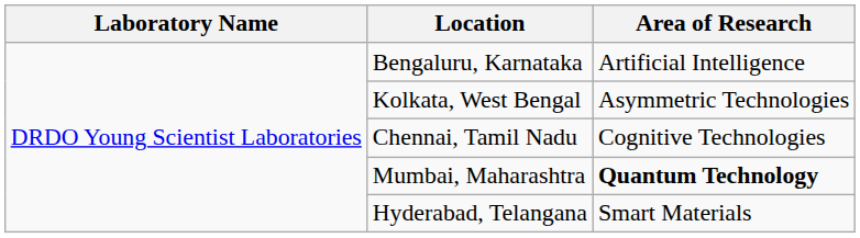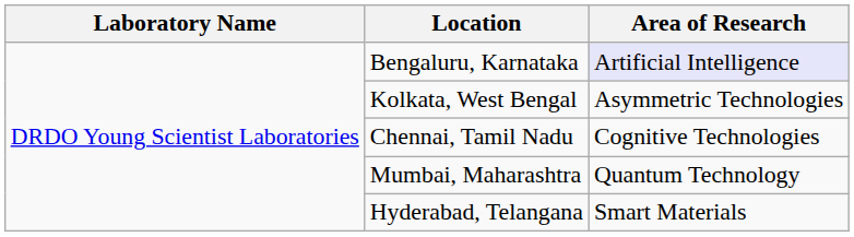 <table class="wikitable sortable">
 <tr>
 <th>Laboratory Name</th>
 <th>Location</th>
 <th>Area of Research</th>
 </tr>
 <tr>
 <td rowspan="5"><a href='#'>DRDO Young Scientist Laboratories</a></td>
 <td>Bengaluru, Karnataka</td>
-<td>Artificial Intelligence</td>
+<td style="background: lavender;">Artificial Intelligence</td>
 </tr>
 <tr>
 <td>Kolkata, West Bengal</td>
 <td>Asymmetric Technologies</td>
 </tr>
 <tr>
 <td>Chennai, Tamil Nadu</td>
 <td>Cognitive Technologies</td>
 </tr>
 <tr>
 <td>Mumbai, Maharashtra</td>
-<td><strong>Quantum Technology</strong></td>
+<td>Quantum Technology</td>
 </tr>
 <tr>
 <td>Hyderabad, Telangana</td>
 <td>Smart Materials</td>
 </tr>
 </table>
